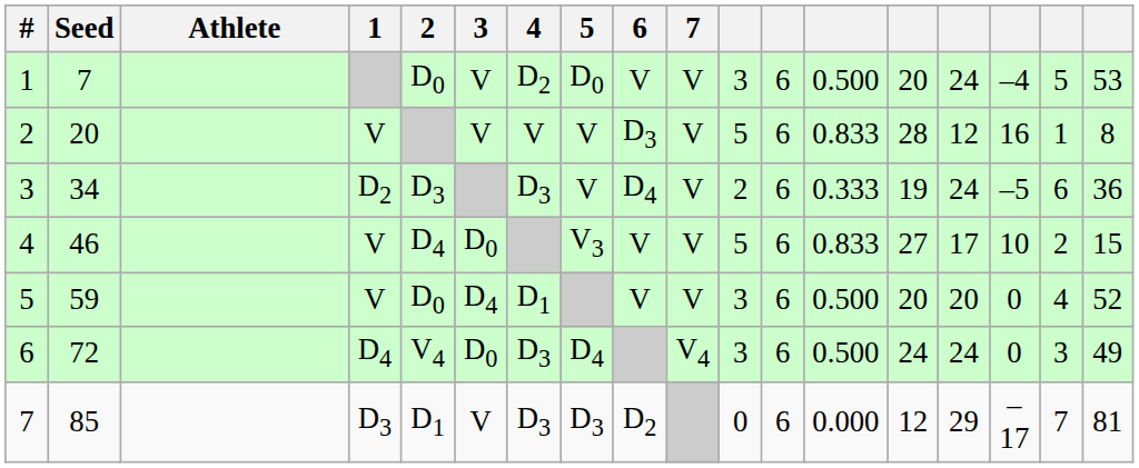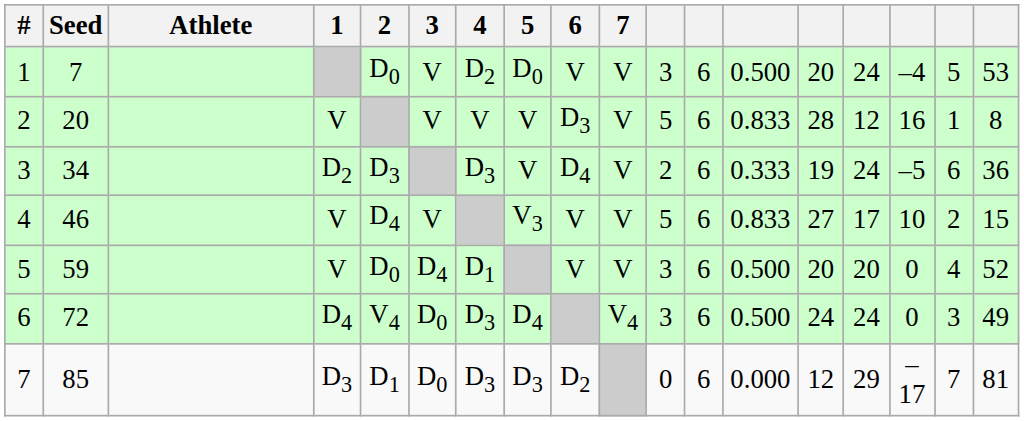 <table class="wikitable" style="text-align:center">
 <tr>
 <th width="25">#</th>
 <th width="25">Seed</th>
 <th width="200">Athlete</th>
 <th width="25">1</th>
 <th width="25">2</th>
 <th width="25">3</th>
 <th width="25">4</th>
 <th width="25">5</th>
 <th width="25">6</th>
 <th width="25">7</th>
 <th width="25"></th>
 <th width="25"></th>
 <th width="40"></th>
 <th width="25"></th>
 <th width="25"></th>
 <th width="25"></th>
 <th width="25"></th>
 <th width="25"></th>
 </tr>
 <tr bgcolor="#ccffcc">
 <td>1</td>
 <td>7</td>
 <td align=left></td>
 <td bgcolor="#cccccc"></td>
 <td>D<sub>0</sub></td>
 <td>V</td>
 <td>D<sub>2</sub></td>
 <td>D<sub>0</sub></td>
 <td>V</td>
 <td>V</td>
 <td>3</td>
 <td>6</td>
 <td>0.500</td>
 <td>20</td>
 <td>24</td>
 <td>–4</td>
 <td>5</td>
 <td>53</td>
 </tr>
 <tr bgcolor="#ccffcc">
 <td>2</td>
 <td>20</td>
 <td align=left></td>
 <td>V</td>
 <td bgcolor="#cccccc"></td>
 <td>V</td>
 <td>V</td>
 <td>V</td>
 <td>D<sub>3</sub></td>
 <td>V</td>
 <td>5</td>
 <td>6</td>
 <td>0.833</td>
 <td>28</td>
 <td>12</td>
 <td>16</td>
 <td>1</td>
 <td>8</td>
 </tr>
 <tr bgcolor="#ccffcc">
 <td>3</td>
 <td>34</td>
 <td align=left></td>
 <td>D<sub>2</sub></td>
 <td>D<sub>3</sub></td>
 <td bgcolor="#cccccc"></td>
 <td>D<sub>3</sub></td>
 <td>V</td>
 <td>D<sub>4</sub></td>
 <td>V</td>
 <td>2</td>
 <td>6</td>
 <td>0.333</td>
 <td>19</td>
 <td>24</td>
 <td>–5</td>
 <td>6</td>
 <td>36</td>
 </tr>
 <tr bgcolor="#ccffcc">
 <td>4</td>
 <td>46</td>
 <td align=left></td>
 <td>V</td>
 <td>D<sub>4</sub></td>
-<td>D<sub>0</sub></td>
+<td>V</td>
 <td bgcolor="#cccccc"></td>
 <td>V<sub>3</sub></td>
 <td>V</td>
 <td>V</td>
 <td>5</td>
 <td>6</td>
 <td>0.833</td>
 <td>27</td>
 <td>17</td>
 <td>10</td>
 <td>2</td>
 <td>15</td>
 </tr>
 <tr bgcolor="#ccffcc">
 <td>5</td>
 <td>59</td>
 <td align=left></td>
 <td>V</td>
 <td>D<sub>0</sub></td>
 <td>D<sub>4</sub></td>
 <td>D<sub>1</sub></td>
 <td bgcolor="#cccccc"></td>
 <td>V</td>
 <td>V</td>
 <td>3</td>
 <td>6</td>
 <td>0.500</td>
 <td>20</td>
 <td>20</td>
 <td>0</td>
 <td>4</td>
 <td>52</td>
 </tr>
 <tr bgcolor="#ccffcc">
 <td>6</td>
 <td>72</td>
 <td align=left></td>
 <td>D<sub>4</sub></td>
 <td>V<sub>4</sub></td>
 <td>D<sub>0</sub></td>
 <td>D<sub>3</sub></td>
 <td>D<sub>4</sub></td>
 <td bgcolor="#cccccc"></td>
 <td>V<sub>4</sub></td>
 <td>3</td>
 <td>6</td>
 <td>0.500</td>
 <td>24</td>
 <td>24</td>
 <td>0</td>
 <td>3</td>
 <td>49</td>
 </tr>
 <tr>
 <td>7</td>
 <td>85</td>
 <td align=left></td>
 <td>D<sub>3</sub></td>
 <td>D<sub>1</sub></td>
-<td>V</td>
+<td>D<sub>0</sub></td>
 <td>D<sub>3</sub></td>
 <td>D<sub>3</sub></td>
 <td>D<sub>2</sub></td>
 <td bgcolor="#cccccc"></td>
 <td>0</td>
 <td>6</td>
 <td>0.000</td>
 <td>12</td>
 <td>29</td>
 <td>–17</td>
 <td>7</td>
 <td>81</td>
 </tr>
 </table>
